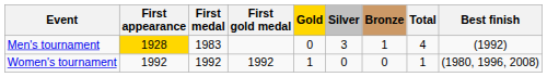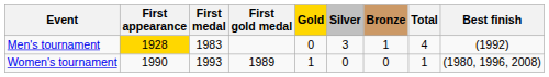 <table class="wikitable sortable" style="text-align:center">
 <tr>
 <th>Event</th>
 <th>First<br>appearance</th>
 <th>First<br>medal</th>
 <th>First<br>gold medal</th>
 <th style="background-color:gold;">Gold</th>
 <th style="background-color:silver;">Silver</th>
 <th style="background-color:#c96;">Bronze</th>
 <th>Total</th>
 <th>Best finish</th>
 </tr>
 <tr>
 <td align=left><a href='#'>Men's tournament</a></td>
 <td style="background: gold;">1928</td>
 <td>1983</td>
 <td></td>
 <td>0</td>
 <td>3</td>
 <td>1</td>
 <td>4</td>
 <td> (1992)</td>
 </tr>
 <tr>
 <td align=left><a href='#'>Women's tournament</a></td>
-<td>1992</td>
-<td>1992</td>
-<td>1992</td>
+<td>1990</td>
+<td>1993</td>
+<td>1989</td>
 <td>1</td>
 <td>0</td>
 <td>0</td>
 <td>1</td>
 <td> (1980, 1996, 2008)</td>
 </tr>
 </table>
